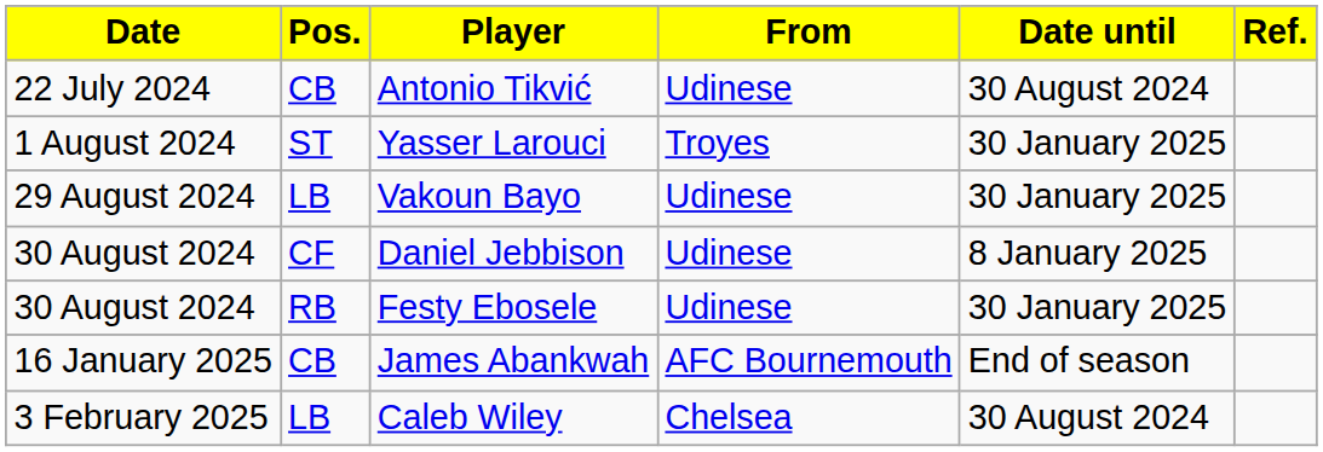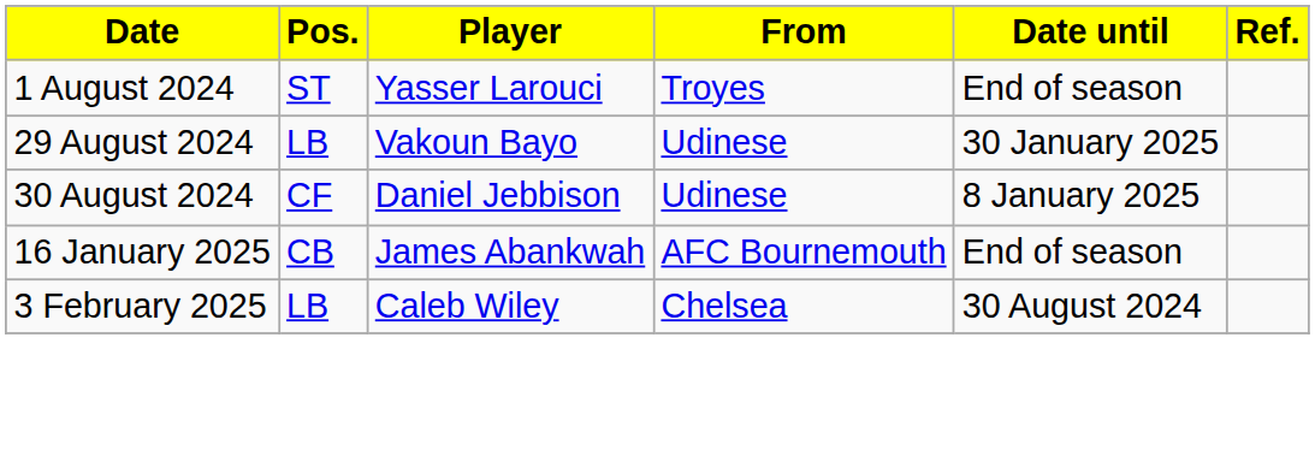 <table class="wikitable plainrowheaders sortable">
 <tr>
 <th style="background:#FFFF00;color:black;">Date</th>
 <th style="background:#FFFF00;color:black;">Pos.</th>
 <th style="background:#FFFF00;color:black;">Player</th>
 <th style="background:#FFFF00;color:black;">From</th>
 <th style="background:#FFFF00;color:black;">Date until</th>
 <th style="background:#FFFF00;color:black;">Ref.</th>
 </tr>
 <tr>
-<td>22 July 2024</td>
-<td><a href='#'>CB</a></td>
-<td> <a href='#'>Antonio Tikvić</a></td>
-<td> <a href='#'>Udinese</a></td>
-<td>30 August 2024</td>
-<td></td>
-</tr>
-<tr>
 <td>1 August 2024</td>
 <td><a href='#'>ST</a></td>
 <td> <a href='#'>Yasser Larouci</a></td>
 <td> <a href='#'>Troyes</a></td>
-<td>30 January 2025</td>
+<td>End of season</td>
 <td></td>
 </tr>
 <tr>
 <td>29 August 2024</td>
 <td><a href='#'>LB</a></td>
 <td> <a href='#'>Vakoun Bayo</a></td>
 <td> <a href='#'>Udinese</a></td>
 <td>30 January 2025</td>
 <td></td>
 </tr>
 <tr>
 <td>30 August 2024</td>
 <td><a href='#'>CF</a></td>
 <td> <a href='#'>Daniel Jebbison</a></td>
 <td> <a href='#'>Udinese</a></td>
 <td>8 January 2025</td>
 <td></td>
 </tr>
 <tr>
-<td>30 August 2024</td>
-<td><a href='#'>RB</a></td>
-<td> <a href='#'>Festy Ebosele</a></td>
-<td> <a href='#'>Udinese</a></td>
-<td>30 January 2025</td>
-<td></td>
-</tr>
-<tr>
 <td>16 January 2025</td>
 <td><a href='#'>CB</a></td>
 <td> <a href='#'>James Abankwah</a></td>
 <td> <a href='#'>AFC Bournemouth</a></td>
 <td>End of season</td>
 <td></td>
 </tr>
 <tr>
 <td>3 February 2025</td>
 <td><a href='#'>LB</a></td>
 <td> <a href='#'>Caleb Wiley</a></td>
 <td> <a href='#'>Chelsea</a></td>
 <td>30 August 2024</td>
 <td></td>
 </tr>
 </table>
